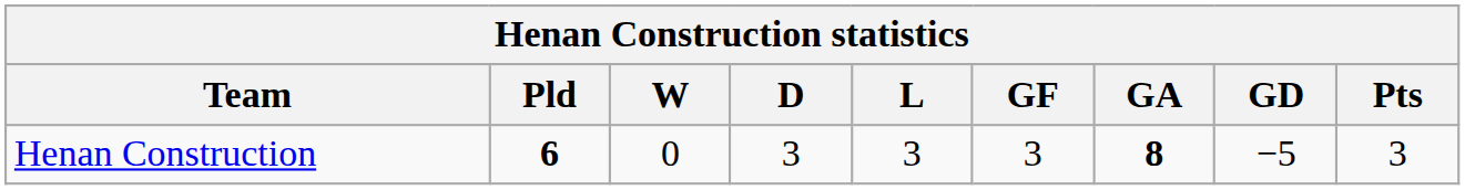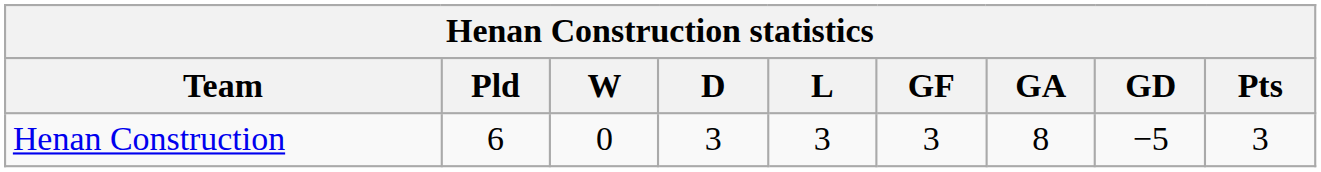 <table width=70% class="wikitable" style="text-align:">
 <tr>
 <th colspan=9>Henan Construction statistics</th>
 </tr>
 <tr>
 <th width=20%>Team</th>
 <th width=5%>Pld</th>
 <th width=5%>W</th>
 <th width=5%>D</th>
 <th width=5%>L</th>
 <th width=5%>GF</th>
 <th width=5%>GA</th>
 <th width=5%>GD</th>
 <th width=5%>Pts</th>
 </tr>
 <tr align=center>
 <td align=left> <a href='#'>Henan Construction</a></td>
-<td><strong>6</strong></td>
+<td>6</td>
 <td>0</td>
 <td>3</td>
 <td>3</td>
 <td>3</td>
-<td><strong>8</strong></td>
+<td>8</td>
 <td>−5</td>
 <td>3</td>
 </tr>
 </table>
